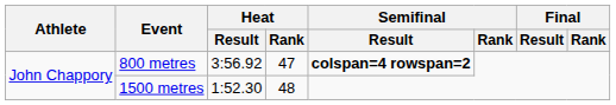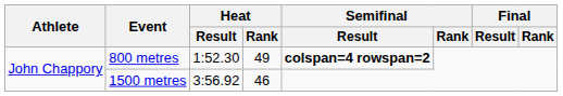 <table class=wikitable style=font-size:90%>
 <tr>
 <th rowspan=2>Athlete</th>
 <th rowspan=2>Event</th>
 <th colspan=2>Heat</th>
 <th colspan=2>Semifinal</th>
 <th colspan=2>Final</th>
 </tr>
 <tr style=font-size:95%>
 <th>Result</th>
 <th>Rank</th>
 <th>Result</th>
 <th>Rank</th>
 <th>Result</th>
 <th>Rank</th>
 </tr>
 <tr align=center>
 <td align=left rowspan=2><a href='#'>John Chappory</a></td>
 <td align=left><a href='#'>800 metres</a></td>
-<td>3:56.92</td>
-<td>47</td>
+<td>1:52.30</td>
+<td>49</td>
 <td><strong>colspan=4 rowspan=2 </strong></td>
 </tr>
 <tr align=center>
 <td align=left><a href='#'>1500 metres</a></td>
-<td>1:52.30</td>
-<td>48</td>
+<td>3:56.92</td>
+<td>46</td>
 </tr>
 </table>
